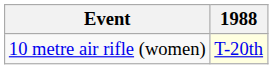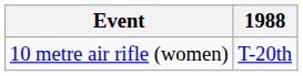 <table class="wikitable" style="text-align: center">
 <tr>
 <th>Event</th>
 <th>1988</th>
 </tr>
 <tr>
 <td align=left><a href='#'>10 metre air rifle</a> (women)</td>
-<td style="background: lightyellow;"><a href='#'>T-20th</a></td>
+<td><a href='#'>T-20th</a></td>
 </tr>
 </table>
